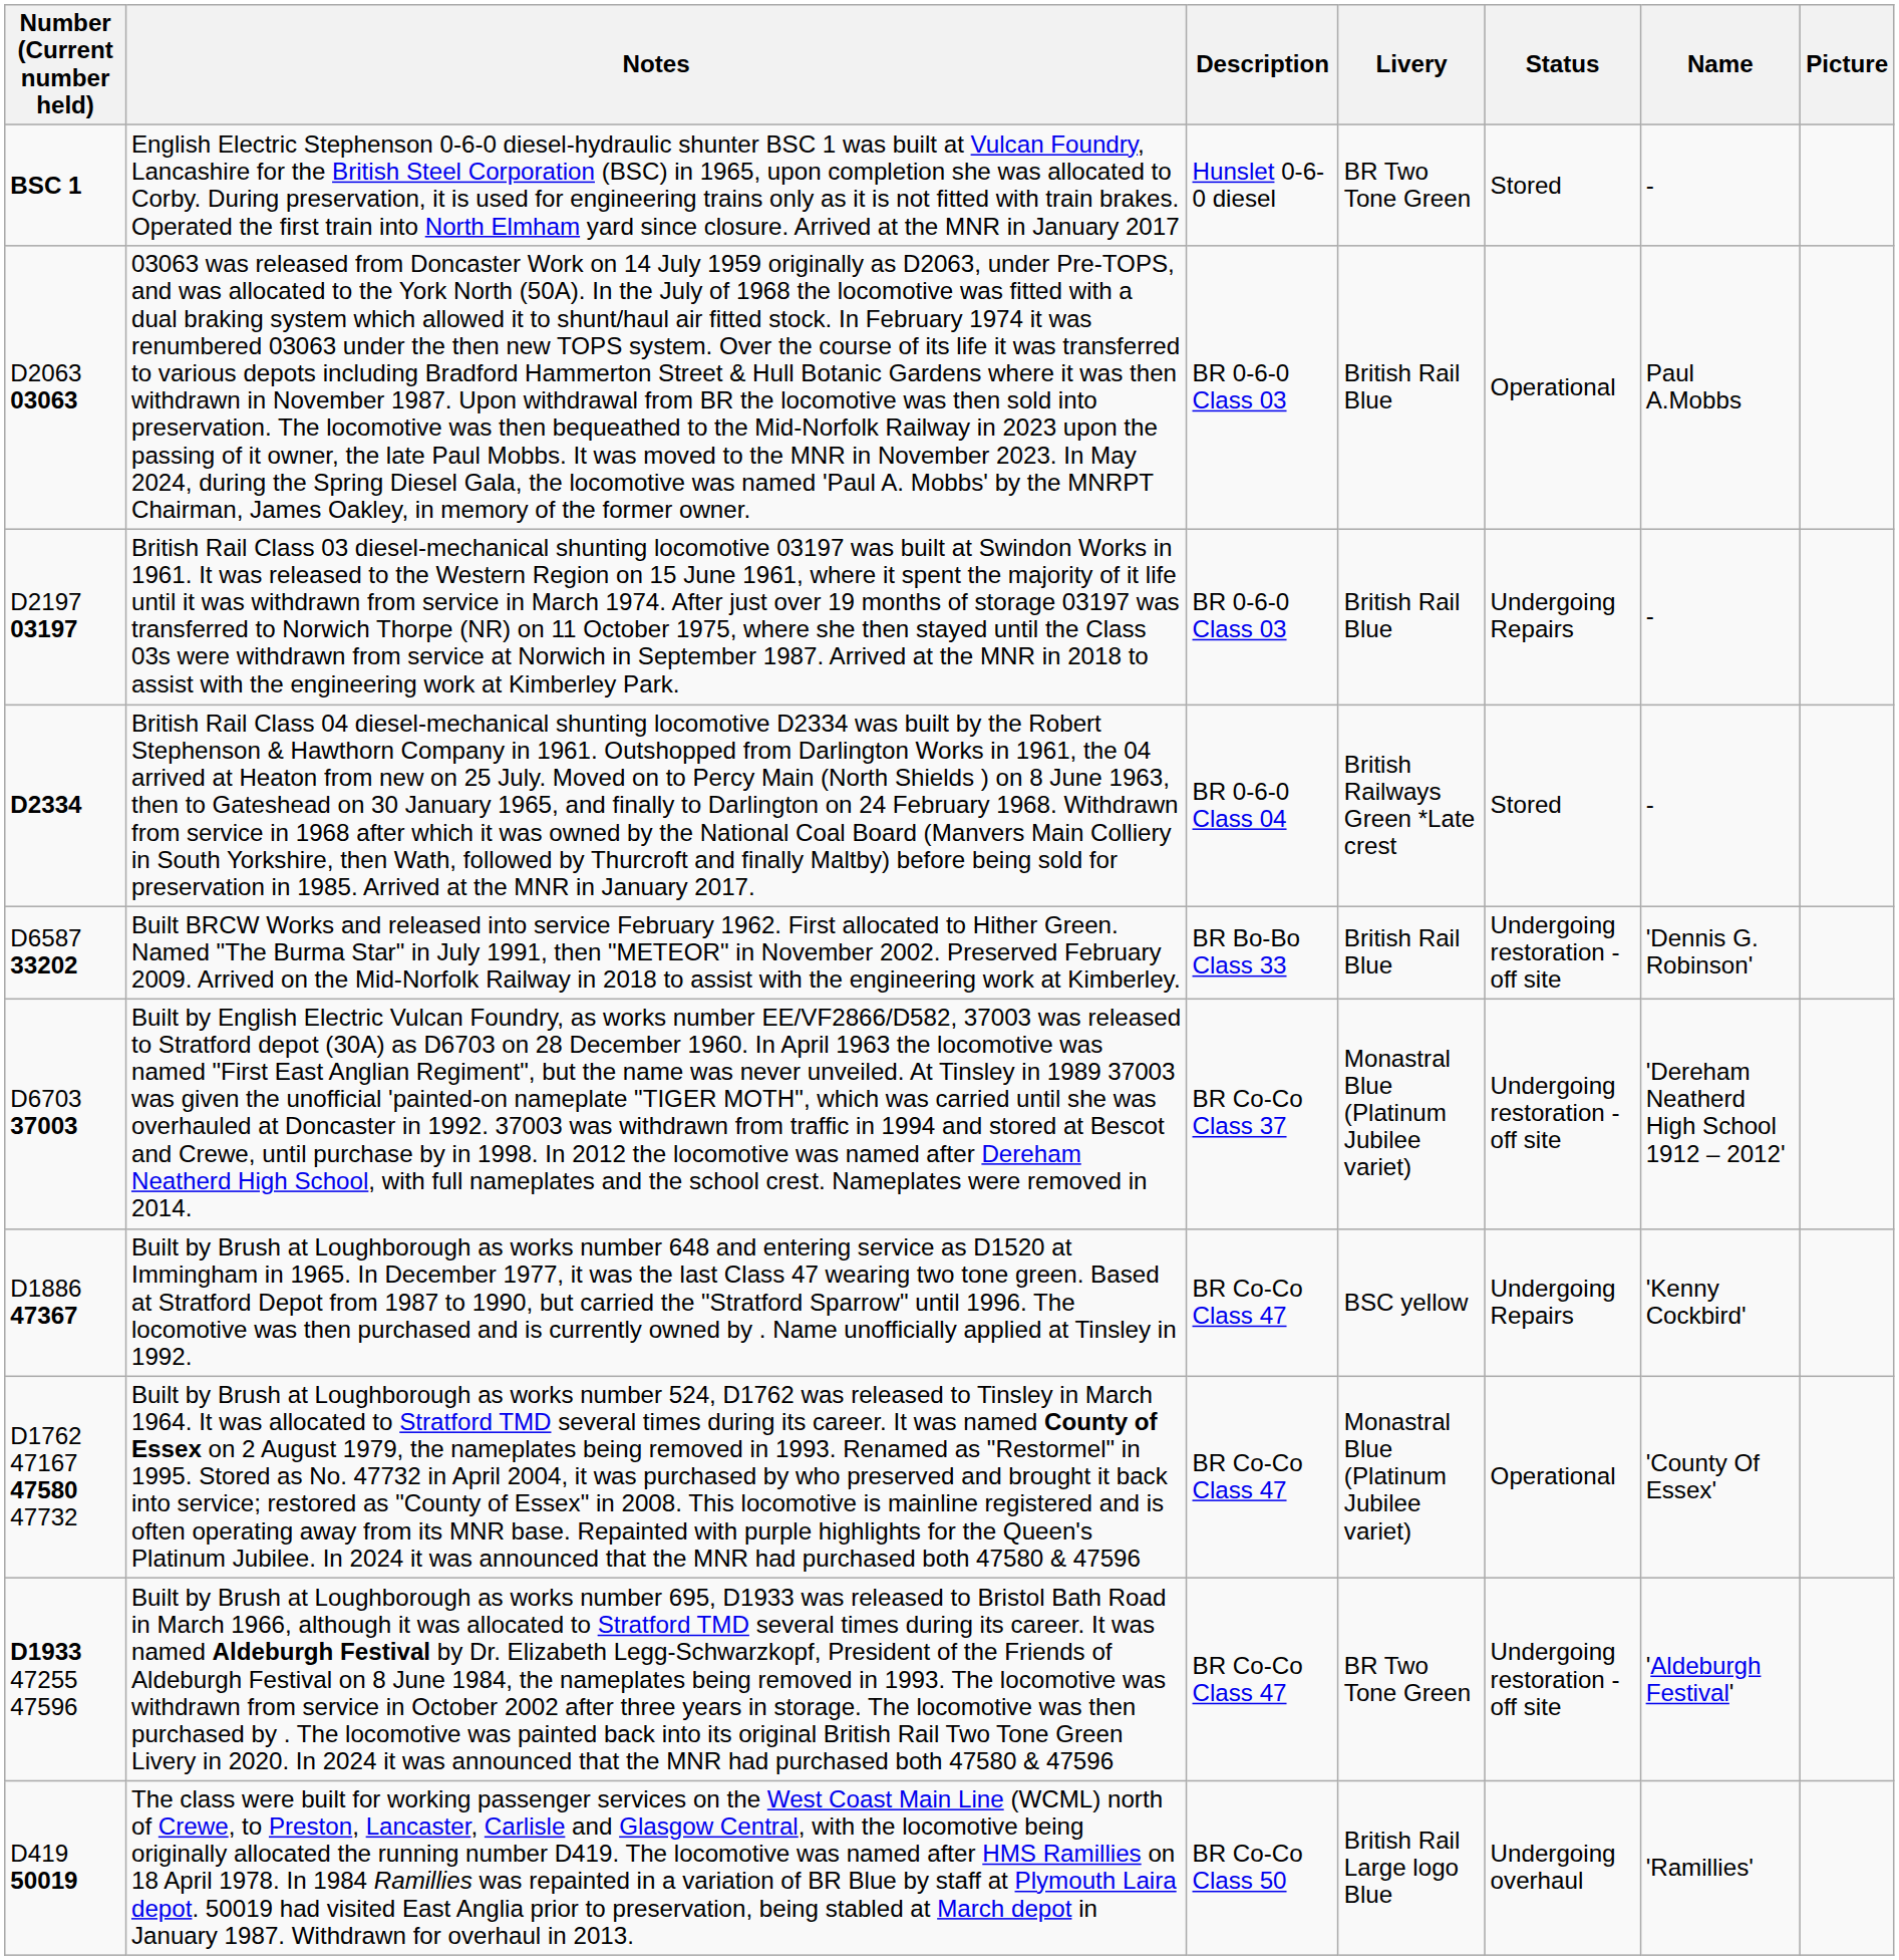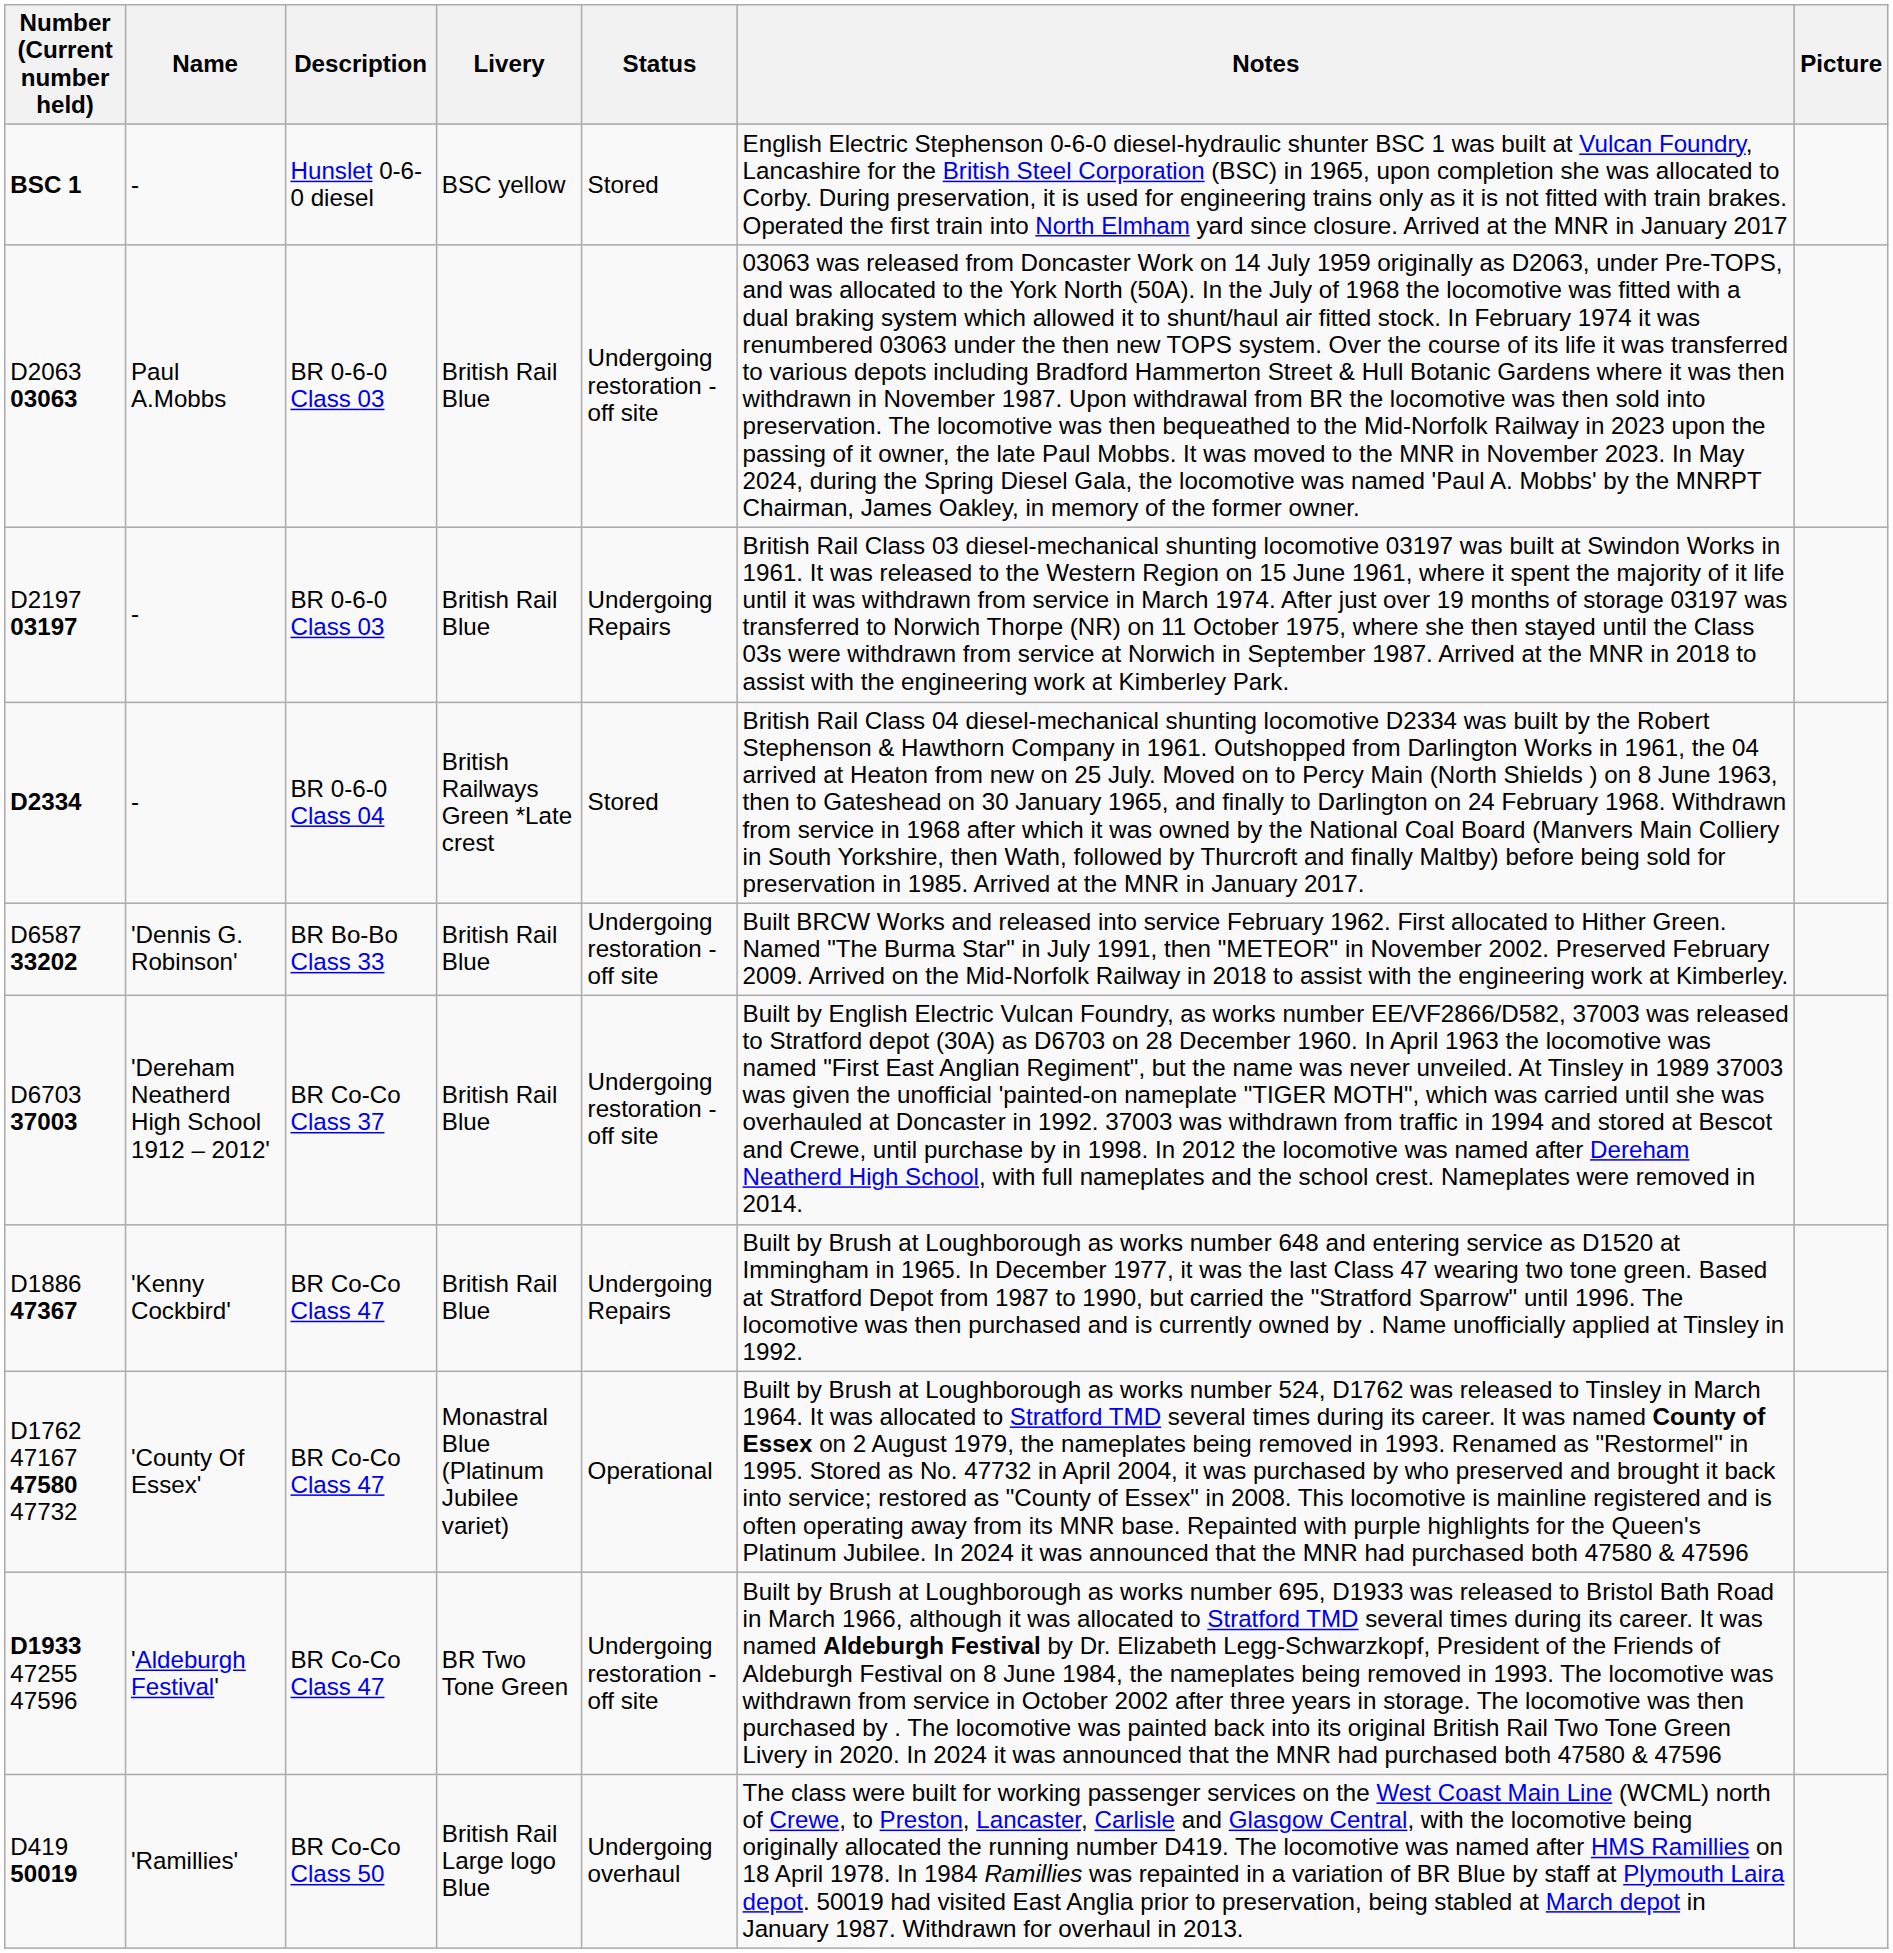 <table class="wikitable">
 <tr>
 <th>Number<br>(Current number held)</th>
-<th>Notes</th>
+<th>Name</th>
 <th>Description</th>
 <th>Livery</th>
 <th>Status</th>
-<th>Name</th>
+<th>Notes</th>
 <th>Picture</th>
 </tr>
 <tr>
 <td><strong>BSC 1</strong></td>
+<td>-</td>
+<td><a href='#'>Hunslet</a> 0-6-0 diesel</td>
+<td>BSC yellow</td>
+<td>Stored</td>
 <td>English Electric Stephenson 0-6-0 diesel-hydraulic shunter BSC 1 was built at <a href='#'>Vulcan Foundry</a>, Lancashire for the <a href='#'>British Steel Corporation</a> (BSC) in 1965, upon completion she was allocated to Corby. During preservation, it is used for engineering trains only as it is not fitted with train brakes. Operated the first train into <a href='#'>North Elmham</a> yard since closure. Arrived at the MNR in January 2017</td>
-<td><a href='#'>Hunslet</a> 0-6-0 diesel</td>
-<td>BR Two Tone Green</td>
-<td>Stored</td>
-<td>-</td>
 <td></td>
 </tr>
 <tr>
 <td>D2063<br><strong>03063</strong></td>
-<td>03063 was released from Doncaster Work on 14 July 1959 originally as D2063, under Pre-TOPS, and was allocated to the York North (50A). In the July of 1968 the locomotive was fitted with a dual braking system which allowed it to shunt/haul air fitted stock. In February 1974 it was renumbered 03063 under the then new TOPS system. Over the course of its life it was transferred to various depots including Bradford Hammerton Street & Hull Botanic Gardens where it was then withdrawn in November 1987. Upon withdrawal from BR the locomotive was then sold into preservation. The locomotive was then bequeathed to the Mid-Norfolk Railway in 2023 upon the passing of it owner, the late Paul Mobbs. It was moved to the MNR in November 2023. In May 2024, during the Spring Diesel Gala, the locomotive was named 'Paul A. Mobbs' by the MNRPT Chairman, James Oakley, in memory of the former owner.</td>
+<td>Paul A.Mobbs</td>
 <td>BR 0-6-0 <a href='#'>Class 03</a></td>
 <td>British Rail Blue</td>
-<td>Operational</td>
-<td>Paul A.Mobbs</td>
+<td>Undergoing restoration - off site</td>
+<td>03063 was released from Doncaster Work on 14 July 1959 originally as D2063, under Pre-TOPS, and was allocated to the York North (50A). In the July of 1968 the locomotive was fitted with a dual braking system which allowed it to shunt/haul air fitted stock. In February 1974 it was renumbered 03063 under the then new TOPS system. Over the course of its life it was transferred to various depots including Bradford Hammerton Street & Hull Botanic Gardens where it was then withdrawn in November 1987. Upon withdrawal from BR the locomotive was then sold into preservation. The locomotive was then bequeathed to the Mid-Norfolk Railway in 2023 upon the passing of it owner, the late Paul Mobbs. It was moved to the MNR in November 2023. In May 2024, during the Spring Diesel Gala, the locomotive was named 'Paul A. Mobbs' by the MNRPT Chairman, James Oakley, in memory of the former owner.</td>
 <td></td>
 </tr>
 <tr>
 <td>D2197<br><strong>03197</strong></td>
-<td>British Rail Class 03 diesel-mechanical shunting locomotive 03197 was built at Swindon Works in 1961. It was released to the Western Region on 15 June 1961, where it spent the majority of it life until it was withdrawn from service in March 1974. After just over 19 months of storage 03197 was transferred to Norwich Thorpe (NR) on 11 October 1975, where she then stayed until the Class 03s were withdrawn from service at Norwich in September 1987. Arrived at the MNR in 2018 to assist with the engineering work at Kimberley Park.</td>
+<td>-</td>
 <td>BR 0-6-0 <a href='#'>Class 03</a></td>
 <td>British Rail Blue</td>
 <td>Undergoing Repairs</td>
-<td>-</td>
+<td>British Rail Class 03 diesel-mechanical shunting locomotive 03197 was built at Swindon Works in 1961. It was released to the Western Region on 15 June 1961, where it spent the majority of it life until it was withdrawn from service in March 1974. After just over 19 months of storage 03197 was transferred to Norwich Thorpe (NR) on 11 October 1975, where she then stayed until the Class 03s were withdrawn from service at Norwich in September 1987. Arrived at the MNR in 2018 to assist with the engineering work at Kimberley Park.</td>
 <td></td>
 </tr>
 <tr>
 <td><strong>D2334</strong></td>
-<td>British Rail Class 04 diesel-mechanical shunting locomotive D2334 was built by the Robert Stephenson & Hawthorn Company in 1961. Outshopped from Darlington Works in 1961, the 04 arrived at Heaton from new on 25 July. Moved on to Percy Main (North Shields ) on 8 June 1963, then to Gateshead on 30 January 1965, and finally to Darlington on 24 February 1968. Withdrawn from service in 1968 after which it was owned by the National Coal Board (Manvers Main Colliery in South Yorkshire, then Wath, followed by Thurcroft and finally Maltby) before being sold for preservation in 1985. Arrived at the MNR in January 2017.</td>
+<td>-</td>
 <td>BR 0-6-0 <a href='#'>Class 04</a></td>
 <td>British Railways Green *Late crest</td>
 <td>Stored</td>
-<td>-</td>
+<td>British Rail Class 04 diesel-mechanical shunting locomotive D2334 was built by the Robert Stephenson & Hawthorn Company in 1961. Outshopped from Darlington Works in 1961, the 04 arrived at Heaton from new on 25 July. Moved on to Percy Main (North Shields ) on 8 June 1963, then to Gateshead on 30 January 1965, and finally to Darlington on 24 February 1968. Withdrawn from service in 1968 after which it was owned by the National Coal Board (Manvers Main Colliery in South Yorkshire, then Wath, followed by Thurcroft and finally Maltby) before being sold for preservation in 1985. Arrived at the MNR in January 2017.</td>
 <td></td>
 </tr>
 <tr>
 <td>D6587<br><strong>33202</strong></td>
-<td>Built BRCW Works and released into service February 1962. First allocated to Hither Green. Named "The Burma Star" in July 1991, then "METEOR" in November 2002. Preserved February 2009.  Arrived on the Mid-Norfolk Railway in 2018 to assist with the engineering work at Kimberley.</td>
+<td>'Dennis G. Robinson'</td>
 <td>BR Bo-Bo <a href='#'>Class 33</a></td>
 <td>British Rail Blue</td>
 <td>Undergoing restoration - off site</td>
-<td>'Dennis G. Robinson'</td>
+<td>Built BRCW Works and released into service February 1962. First allocated to Hither Green. Named "The Burma Star" in July 1991, then "METEOR" in November 2002. Preserved February 2009.  Arrived on the Mid-Norfolk Railway in 2018 to assist with the engineering work at Kimberley.</td>
 <td></td>
 </tr>
 <tr>
 <td>D6703<br><strong>37003</strong></td>
+<td>'Dereham Neatherd High School 1912 – 2012'</td>
+<td>BR Co-Co <a href='#'>Class 37</a></td>
+<td>British Rail Blue</td>
+<td>Undergoing restoration - off site</td>
 <td>Built by English Electric Vulcan Foundry, as works number EE/VF2866/D582, 37003 was released to Stratford depot (30A) as D6703 on 28 December 1960. In April 1963 the locomotive was named "First East Anglian Regiment", but the name was never unveiled. At Tinsley in 1989 37003 was given the unofficial 'painted-on nameplate "TIGER MOTH", which was carried until she was overhauled at Doncaster in 1992. 37003 was withdrawn from traffic in 1994 and stored at Bescot and Crewe, until purchase by  in 1998. In 2012 the locomotive was named after <a href='#'>Dereham Neatherd High School</a>, with full nameplates and the school crest. Nameplates were removed in 2014.</td>
-<td>BR Co-Co <a href='#'>Class 37</a></td>
-<td>Monastral Blue (Platinum Jubilee variet)</td>
-<td>Undergoing restoration - off site</td>
-<td>'Dereham Neatherd High School 1912 – 2012'</td>
 <td></td>
 </tr>
 <tr>
 <td>D1886<br><strong>47367</strong></td>
+<td>'Kenny Cockbird'</td>
+<td>BR Co-Co <a href='#'>Class 47</a></td>
+<td>British Rail Blue</td>
+<td>Undergoing Repairs</td>
 <td>Built by Brush at Loughborough as works number 648 and entering service as D1520 at Immingham in 1965. In December 1977, it was the last Class 47 wearing two tone green. Based at Stratford Depot from 1987 to 1990, but carried the "Stratford Sparrow" until 1996. The locomotive was then purchased and is currently owned by .  Name unofficially applied at Tinsley in 1992.</td>
-<td>BR Co-Co <a href='#'>Class 47</a></td>
-<td>BSC yellow</td>
-<td>Undergoing Repairs</td>
-<td>'Kenny Cockbird'</td>
 <td></td>
 </tr>
 <tr>
 <td>D1762<br>47167 <strong>47580</strong> 47732</td>
-<td>Built by Brush at Loughborough as works number 524, D1762 was released to Tinsley in March 1964. It was allocated to <a href='#'>Stratford TMD</a> several times during its career. It was named <strong>County of Essex</strong> on 2 August 1979, the nameplates being removed in 1993. Renamed as "Restormel" in 1995. Stored as No. 47732 in April 2004, it was purchased by  who preserved and brought it back into service; restored as "County of Essex" in 2008. This locomotive is mainline registered and is often operating away from its MNR base. Repainted with purple highlights for the Queen's Platinum Jubilee. In 2024 it was announced that the MNR had purchased both 47580 & 47596 </td>
+<td>'County Of Essex'</td>
 <td>BR Co-Co <a href='#'>Class 47</a></td>
 <td>Monastral Blue (Platinum Jubilee variet)</td>
 <td>Operational</td>
-<td>'County Of Essex'</td>
+<td>Built by Brush at Loughborough as works number 524, D1762 was released to Tinsley in March 1964. It was allocated to <a href='#'>Stratford TMD</a> several times during its career. It was named <strong>County of Essex</strong> on 2 August 1979, the nameplates being removed in 1993. Renamed as "Restormel" in 1995. Stored as No. 47732 in April 2004, it was purchased by  who preserved and brought it back into service; restored as "County of Essex" in 2008. This locomotive is mainline registered and is often operating away from its MNR base. Repainted with purple highlights for the Queen's Platinum Jubilee. In 2024 it was announced that the MNR had purchased both 47580 & 47596 </td>
 <td></td>
 </tr>
 <tr>
 <td><strong>D1933</strong><br>47255 47596</td>
-<td>Built by Brush at Loughborough as works number 695, D1933 was released to Bristol Bath Road in March 1966, although it was allocated to <a href='#'>Stratford TMD</a> several times during its career. It was named <strong>Aldeburgh Festival</strong> by Dr. Elizabeth Legg-Schwarzkopf, President of the Friends of Aldeburgh Festival on 8 June 1984, the nameplates being removed in 1993. The locomotive was withdrawn from service in October 2002 after three years in storage. The locomotive was then purchased by . The locomotive was painted back into its original British Rail Two Tone Green Livery in 2020. In 2024 it was announced that the MNR had purchased both 47580 & 47596 </td>
+<td>'<a href='#'>Aldeburgh Festival</a>'</td>
 <td>BR Co-Co <a href='#'>Class 47</a></td>
 <td>BR Two Tone Green</td>
 <td>Undergoing restoration - off site</td>
-<td>'<a href='#'>Aldeburgh Festival</a>'</td>
+<td>Built by Brush at Loughborough as works number 695, D1933 was released to Bristol Bath Road in March 1966, although it was allocated to <a href='#'>Stratford TMD</a> several times during its career. It was named <strong>Aldeburgh Festival</strong> by Dr. Elizabeth Legg-Schwarzkopf, President of the Friends of Aldeburgh Festival on 8 June 1984, the nameplates being removed in 1993. The locomotive was withdrawn from service in October 2002 after three years in storage. The locomotive was then purchased by . The locomotive was painted back into its original British Rail Two Tone Green Livery in 2020. In 2024 it was announced that the MNR had purchased both 47580 & 47596 </td>
 <td></td>
 </tr>
 <tr>
 <td>D419<br><strong>50019</strong></td>
-<td>The class were built for working passenger services on the <a href='#'>West Coast Main Line</a> (WCML) north of <a href='#'>Crewe</a>, to <a href='#'>Preston</a>, <a href='#'>Lancaster</a>, <a href='#'>Carlisle</a> and <a href='#'>Glasgow Central</a>, with the locomotive being originally allocated the running number D419. The locomotive was named after <a href='#'>HMS Ramillies</a> on 18 April 1978. In 1984 <em>Ramillies</em> was repainted in a variation of BR Blue by staff at <a href='#'>Plymouth Laira depot</a>. 50019 had visited East Anglia prior to preservation, being stabled at <a href='#'>March depot</a> in January 1987. Withdrawn for overhaul in 2013.</td>
+<td>'Ramillies'</td>
 <td>BR Co-Co <a href='#'>Class 50</a></td>
 <td>British Rail Large logo Blue</td>
 <td>Undergoing overhaul</td>
-<td>'Ramillies'</td>
+<td>The class were built for working passenger services on the <a href='#'>West Coast Main Line</a> (WCML) north of <a href='#'>Crewe</a>, to <a href='#'>Preston</a>, <a href='#'>Lancaster</a>, <a href='#'>Carlisle</a> and <a href='#'>Glasgow Central</a>, with the locomotive being originally allocated the running number D419. The locomotive was named after <a href='#'>HMS Ramillies</a> on 18 April 1978. In 1984 <em>Ramillies</em> was repainted in a variation of BR Blue by staff at <a href='#'>Plymouth Laira depot</a>. 50019 had visited East Anglia prior to preservation, being stabled at <a href='#'>March depot</a> in January 1987. Withdrawn for overhaul in 2013.</td>
 <td></td>
 </tr>
 </table>
